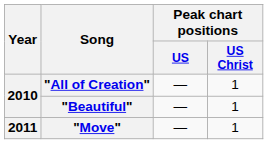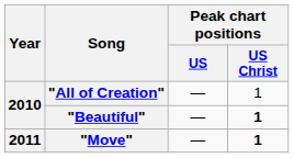 <table class="wikitable plainrowheaders" style="text-align:center;">
 <tr>
 <th scope="col" rowspan="2">Year</th>
 <th scope="col" rowspan="2">Song</th>
 <th scope="col" colspan="3">Peak chart positions</th>
 </tr>
 <tr>
 <th style="width:4em; font-size:90%"><a href='#'>US</a><br></th>
 <th style="width:4em; font-size:90%"><a href='#'>US Christ</a><br></th>
 </tr>
 <tr>
 <th scope="row" rowspan="2">2010</th>
 <th scope="row">"<a href='#'>All of Creation</a>"</th>
 <td>—</td>
 <td>1</td>
 </tr>
 <tr>
 <th scope="row">"<a href='#'>Beautiful</a>"</th>
 <td>—</td>
-<td>1</td>
+<td><strong>1</strong></td>
 </tr>
 <tr>
 <th scope="row">2011</th>
 <th scope="row">"<a href='#'>Move</a>"</th>
 <td>—</td>
-<td>1</td>
+<td><strong>1</strong></td>
 </tr>
 </table>
